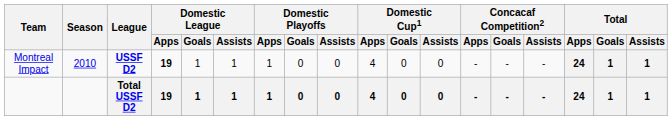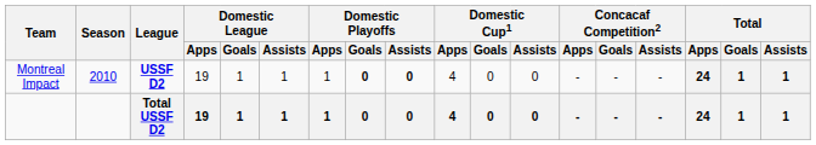 <table class="wikitable" style=font-size:90% text-align: center width=75%>
 <tr>
 <th rowspan=2 width=10%><strong>Team</strong></th>
 <th rowspan=2 width=7%><strong>Season</strong></th>
 <th rowspan=2 width=7%><strong>League</strong></th>
 <th colspan=3 width=10%>Domestic<br>League</th>
 <th colspan=3 width=10%>Domestic<br>Playoffs</th>
 <th colspan=3 width=10%>Domestic<br>Cup<sup>1</sup></th>
 <th colspan=3 width=10%>Concacaf<br>Competition<sup>2</sup></th>
 <th colspan=3 width=10%>Total</th>
 </tr>
 <tr>
 <th align=center><strong>Apps</strong></th>
 <th align=center><strong>Goals</strong></th>
 <th align=center><strong>Assists</strong></th>
 <th align=center><strong>Apps</strong></th>
 <th align=center><strong>Goals</strong></th>
 <th align=center><strong>Assists</strong></th>
 <th align=center><strong>Apps</strong></th>
 <th align=center><strong>Goals</strong></th>
 <th align=center><strong>Assists</strong></th>
 <th align=center><strong>Apps</strong></th>
 <th align=center><strong>Goals</strong></th>
 <th align=center><strong>Assists</strong></th>
 <th align=center><strong>Apps</strong></th>
 <th align=center><strong>Goals</strong></th>
 <th align=center><strong>Assists</strong></th>
 </tr>
 <tr>
 <td rowspan=1 align=center><a href='#'>Montreal Impact</a></td>
 <td align=center><a href='#'>2010</a></td>
 <td align=center><strong><a href='#'>USSF D2</a></strong></td>
-<td align=center><strong>19</strong></td>
+<td align=center>19</td>
 <td align=center>1</td>
 <td align=center>1</td>
 <td align=center>1</td>
-<td align=center>0</td>
-<td align=center>0</td>
+<td align=center><strong>0</strong></td>
+<td align=center><strong>0</strong></td>
 <td align=center>4</td>
 <td align=center>0</td>
 <td align=center>0</td>
 <td align=center>-</td>
 <td align=center>-</td>
 <td align=center>-</td>
 <th align=center><strong>24</strong></th>
 <th align=center><strong>1</strong></th>
 <th align=center><strong>1</strong></th>
 </tr>
 <tr>
 <td></td>
 <td></td>
 <th>Total <a href='#'>USSF D2</a></th>
 <th>19</th>
 <th>1</th>
 <th>1</th>
 <th>1</th>
 <th>0</th>
 <th>0</th>
 <th>4</th>
 <th>0</th>
 <th>0</th>
 <th>-</th>
 <th>-</th>
 <th>-</th>
 <th>24</th>
 <th>1</th>
 <th>1</th>
 </tr>
 </table>
